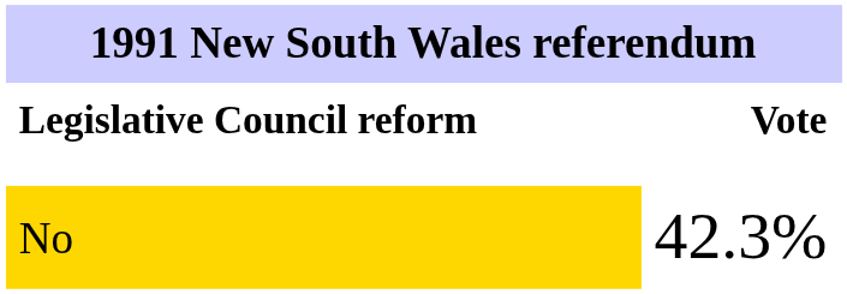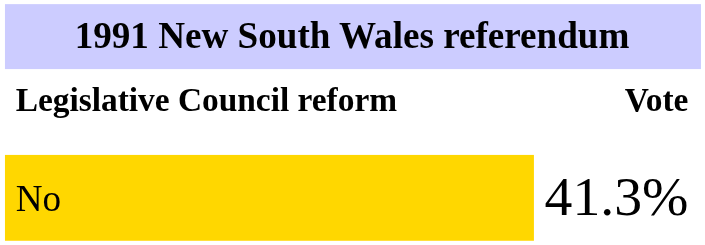 <table class="toccolours" align="right" cellpadding="5" cellspacing="0" style="margin: .4em;" width="300">
 <tr>
 <td colspan=2 align=center></td>
 </tr>
 <tr bgcolor="#ccccff">
 <td colspan="2" align="center"><strong>1991 New South Wales referendum</strong></td>
 </tr>
 <tr style="font-size: 90%;">
 <th align="left">Legislative Council reform</th>
 <th align="right">Vote</th>
 </tr>
 <tr>
 <td></td>
 <td></td>
 </tr>
 <tr>
 <td style="background: gold;">No</td>
-<td width="20%" align="right" style="font-size: 150%">42.3%</td>
+<td width="20%" align="right" style="font-size: 150%">41.3%</td>
 </tr>
 </table>
